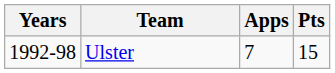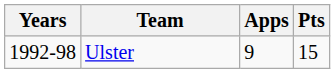 <table class="wikitable" style="text-align:left;">
 <tr>
 <th>Years</th>
 <th width=120px>Team</th>
 <th>Apps</th>
 <th>Pts</th>
 </tr>
 <tr>
 <td>1992-98</td>
 <td><a href='#'>Ulster</a></td>
-<td>7</td>
+<td>9</td>
 <td>15</td>
 </tr>
 </table>
